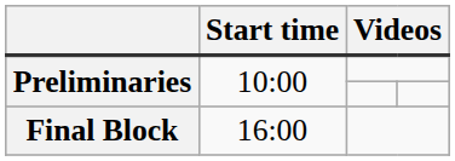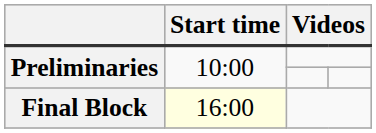 <table class=wikitable style="text-align:center;">
 <tr>
 <th></th>
 <th>Start time</th>
 <th colspan=2>Videos</th>
 </tr>
 <tr style="border-top: 2px solid #333333;">
 <th rowspan=2>Preliminaries</th>
 <td rowspan=2>10:00</td>
 <td colspan=2></td>
 </tr>
 <tr>
 <td></td>
 <td></td>
 </tr>
 <tr>
 <th>Final Block</th>
-<td>16:00</td>
+<td style="background: lightyellow;">16:00</td>
 <td colspan=2></td>
 </tr>
 </table>
